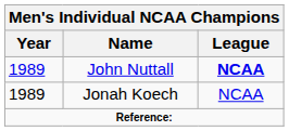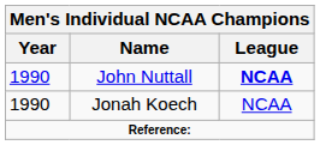 <table class="wikitable">
 <tr>
 <th colspan="3">Men's Individual NCAA Champions</th>
 </tr>
 <tr>
 <th scope="col">Year</th>
 <th scope="col">Name</th>
 <th scope="col">League</th>
 </tr>
 <tr>
-<td><a href='#'>1989</a></td>
+<td><a href='#'>1990</a></td>
 <td style="text-align: center;"><a href='#'>John Nuttall</a></td>
 <td style="text-align: center;"><strong><a href='#'>NCAA</a></strong></td>
 </tr>
 <tr>
-<td>1989</td>
+<td>1990</td>
 <td style="text-align: center;">Jonah Koech</td>
 <td style="text-align: center;"><a href='#'>NCAA</a></td>
 </tr>
 <tr>
 <td colspan="3"  style="font-size:8pt; text-align:center;"><strong>Reference:</strong></td>
 </tr>
 </table>
